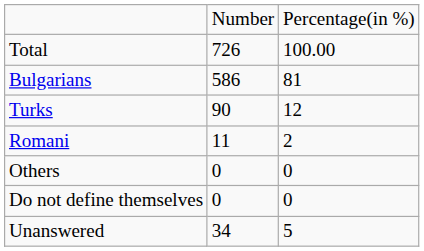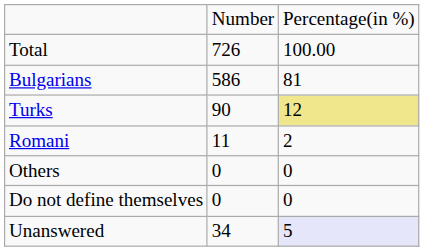 <table class="wikitable">
 <tr>
 <td></td>
 <td>Number</td>
 <td>Percentage(in %)</td>
 </tr>
 <tr>
 <td>Total</td>
 <td>726</td>
 <td>100.00</td>
 </tr>
 <tr>
 <td><a href='#'>Bulgarians</a></td>
 <td>586</td>
 <td>81</td>
 </tr>
 <tr>
 <td><a href='#'>Turks</a></td>
 <td>90</td>
-<td>12</td>
+<td style="background: khaki;">12</td>
 </tr>
 <tr>
 <td><a href='#'>Romani</a></td>
 <td>11</td>
 <td>2</td>
 </tr>
 <tr>
 <td>Others</td>
 <td>0</td>
 <td>0</td>
 </tr>
 <tr>
 <td>Do not define themselves</td>
 <td>0</td>
 <td>0</td>
 </tr>
 <tr>
 <td>Unanswered</td>
 <td>34</td>
-<td>5</td>
+<td style="background: lavender;">5</td>
 </tr>
 </table>
